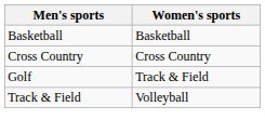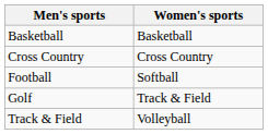 <table class="wikitable"; style= "text-align: ">
 <tr>
 <th width=150px>Men's sports</th>
 <th width=150px>Women's sports</th>
 </tr>
 <tr>
 <td>Basketball</td>
 <td>Basketball</td>
 </tr>
 <tr>
 <td>Cross Country</td>
 <td>Cross Country</td>
 </tr>
 <tr>
+<td>Football</td>
+<td>Softball</td>
+</tr>
+<tr>
 <td>Golf</td>
 <td>Track & Field</td>
 </tr>
 <tr>
 <td>Track & Field</td>
 <td>Volleyball</td>
 </tr>
 </table>
